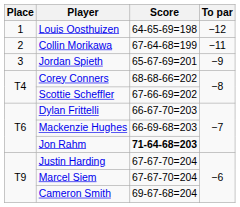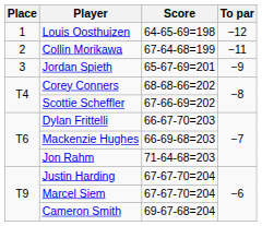 <table class="wikitable">
 <tr>
 <th>Place</th>
 <th>Player</th>
 <th>Score</th>
 <th>To par</th>
 </tr>
 <tr>
 <td align=center>1</td>
 <td> <a href='#'>Louis Oosthuizen</a></td>
 <td>64-65-69=198</td>
 <td align=center>−12</td>
 </tr>
 <tr>
 <td align=center>2</td>
 <td> <a href='#'>Collin Morikawa</a></td>
 <td>67-64-68=199</td>
 <td align=center>−11</td>
 </tr>
 <tr>
 <td align=center>3</td>
 <td> <a href='#'>Jordan Spieth</a></td>
 <td>65-67-69=201</td>
 <td align=center>−9</td>
 </tr>
 <tr>
 <td align=center rowspan=2>T4</td>
 <td> <a href='#'>Corey Conners</a></td>
 <td>68-68-66=202</td>
 <td align=center rowspan=2>−8</td>
 </tr>
 <tr>
 <td> <a href='#'>Scottie Scheffler</a></td>
 <td>67-66-69=202</td>
 </tr>
 <tr>
 <td align=center rowspan=3>T6</td>
 <td> <a href='#'>Dylan Frittelli</a></td>
 <td>66-67-70=203</td>
 <td align=center rowspan=3>−7</td>
 </tr>
 <tr>
 <td> <a href='#'>Mackenzie Hughes</a></td>
 <td>66-69-68=203</td>
 </tr>
 <tr>
 <td> <a href='#'>Jon Rahm</a></td>
-<td><strong>71-64-68=203</strong></td>
+<td>71-64-68=203</td>
 </tr>
 <tr>
 <td align=center rowspan=3>T9</td>
 <td> <a href='#'>Justin Harding</a></td>
 <td>67-67-70=204</td>
 <td align=center rowspan=3>−6</td>
 </tr>
 <tr>
 <td> <a href='#'>Marcel Siem</a></td>
 <td>67-67-70=204</td>
 </tr>
 <tr>
 <td> <a href='#'>Cameron Smith</a></td>
 <td>69-67-68=204</td>
 </tr>
 </table>
